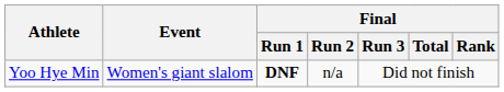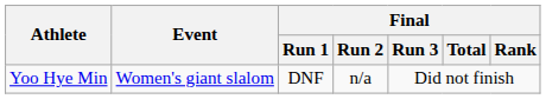 <table class="wikitable" style="font-size:90%; text-align:center;">
 <tr>
 <th rowspan="2">Athlete</th>
 <th rowspan="2">Event</th>
 <th colspan="5">Final</th>
 </tr>
 <tr>
 <th>Run 1</th>
 <th>Run 2</th>
 <th>Run 3</th>
 <th>Total</th>
 <th>Rank</th>
 </tr>
 <tr>
 <td align=left><a href='#'>Yoo Hye Min</a></td>
 <td><a href='#'>Women's giant slalom</a></td>
-<td><strong>DNF</strong></td>
+<td>DNF</td>
 <td>n/a</td>
 <td colspan=4>Did not finish</td>
 </tr>
 </table>
